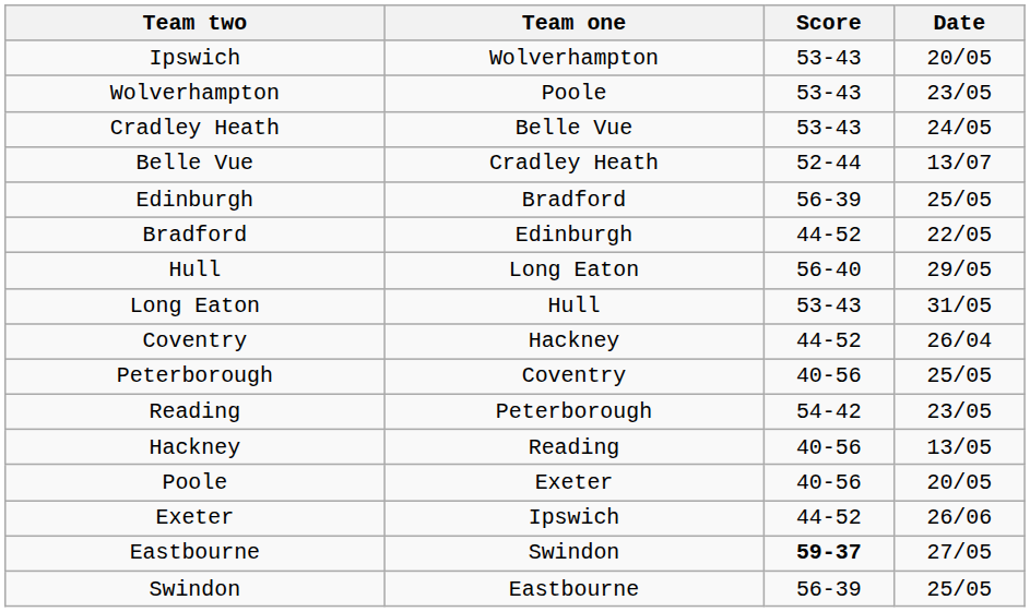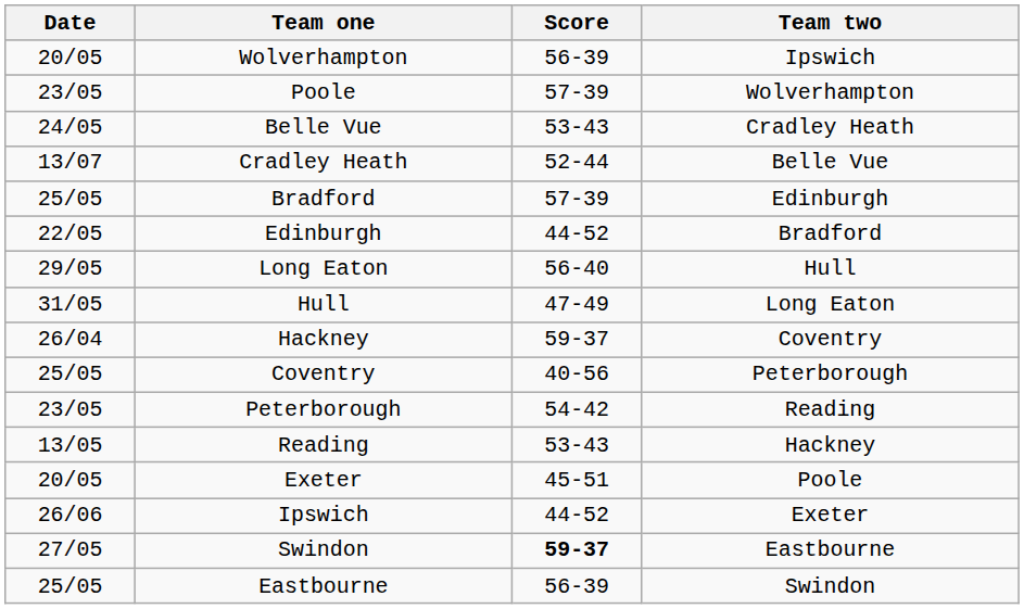 <table class="wikitable" style="text-align: center">
 <tr>
-<th width=250>Team two</th>
+<th width=80>Date</th>
 <th width=250>Team one</th>
 <th width=80>Score</th>
-<th width=80>Date</th>
+<th width=250>Team two</th>
 </tr>
 <tr>
+<td>20/05</td>
+<td>Wolverhampton</td>
+<td>56-39</td>
 <td>Ipswich</td>
-<td>Wolverhampton</td>
-<td>53-43</td>
-<td>20/05</td>
 </tr>
 <tr>
+<td>23/05</td>
+<td>Poole</td>
+<td>57-39</td>
 <td>Wolverhampton</td>
-<td>Poole</td>
-<td>53-43</td>
-<td>23/05</td>
 </tr>
 <tr>
-<td>Cradley Heath</td>
+<td>24/05</td>
 <td>Belle Vue</td>
 <td>53-43</td>
-<td>24/05</td>
+<td>Cradley Heath</td>
 </tr>
 <tr>
-<td>Belle Vue</td>
+<td>13/07</td>
 <td>Cradley Heath</td>
 <td>52-44</td>
-<td>13/07</td>
+<td>Belle Vue</td>
 </tr>
 <tr>
+<td>25/05</td>
+<td>Bradford</td>
+<td>57-39</td>
 <td>Edinburgh</td>
-<td>Bradford</td>
-<td>56-39</td>
-<td>25/05</td>
 </tr>
 <tr>
-<td>Bradford</td>
+<td>22/05</td>
 <td>Edinburgh</td>
 <td>44-52</td>
-<td>22/05</td>
+<td>Bradford</td>
 </tr>
 <tr>
-<td>Hull</td>
+<td>29/05</td>
 <td>Long Eaton</td>
 <td>56-40</td>
-<td>29/05</td>
+<td>Hull</td>
 </tr>
 <tr>
+<td>31/05</td>
+<td>Hull</td>
+<td>47-49</td>
 <td>Long Eaton</td>
-<td>Hull</td>
-<td>53-43</td>
-<td>31/05</td>
 </tr>
 <tr>
+<td>26/04</td>
+<td>Hackney</td>
+<td>59-37</td>
 <td>Coventry</td>
-<td>Hackney</td>
-<td>44-52</td>
-<td>26/04</td>
 </tr>
 <tr>
-<td>Peterborough</td>
+<td>25/05</td>
 <td>Coventry</td>
 <td>40-56</td>
-<td>25/05</td>
+<td>Peterborough</td>
 </tr>
 <tr>
-<td>Reading</td>
+<td>23/05</td>
 <td>Peterborough</td>
 <td>54-42</td>
-<td>23/05</td>
+<td>Reading</td>
 </tr>
 <tr>
+<td>13/05</td>
+<td>Reading</td>
+<td>53-43</td>
 <td>Hackney</td>
-<td>Reading</td>
-<td>40-56</td>
-<td>13/05</td>
 </tr>
 <tr>
+<td>20/05</td>
+<td>Exeter</td>
+<td>45-51</td>
 <td>Poole</td>
-<td>Exeter</td>
-<td>40-56</td>
-<td>20/05</td>
 </tr>
 <tr>
-<td>Exeter</td>
+<td>26/06</td>
 <td>Ipswich</td>
 <td>44-52</td>
-<td>26/06</td>
+<td>Exeter</td>
 </tr>
 <tr>
-<td>Eastbourne</td>
+<td>27/05</td>
 <td>Swindon</td>
 <td><strong>59-37</strong></td>
-<td>27/05</td>
+<td>Eastbourne</td>
 </tr>
 <tr>
-<td>Swindon</td>
+<td>25/05</td>
 <td>Eastbourne</td>
 <td>56-39</td>
-<td>25/05</td>
+<td>Swindon</td>
 </tr>
 </table>
